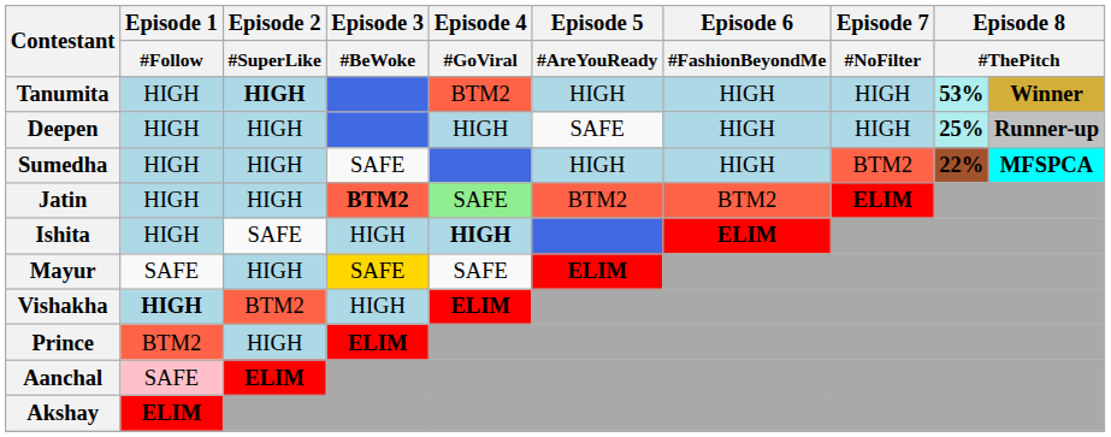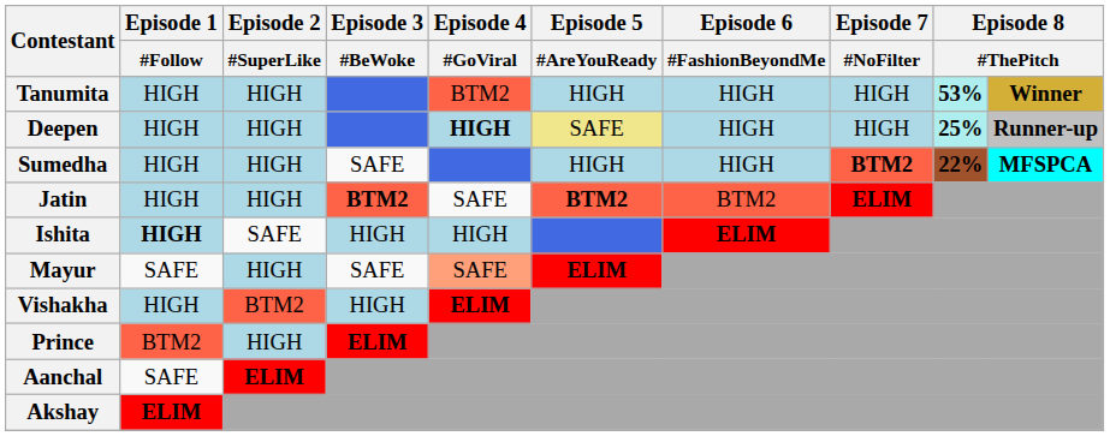 <table class="wikitable" style="text-align:center; font-size:100%;">
 <tr>
 <th rowspan="2">Contestant</th>
 <th>Episode 1</th>
 <th>Episode 2</th>
 <th>Episode 3</th>
 <th>Episode 4</th>
 <th>Episode 5</th>
 <th>Episode 6</th>
 <th>Episode 7</th>
 <th colspan="2">Episode 8</th>
 </tr>
 <tr>
 <th><small>#Follow</small></th>
 <th><small>#SuperLike</small></th>
 <th><small>#BeWoke</small></th>
 <th><small>#GoViral</small></th>
 <th><small>#AreYouReady</small></th>
 <th><small>#FashionBeyondMe</small></th>
 <th><small>#NoFilter</small></th>
 <th colspan="2"><small>#ThePitch</small></th>
 </tr>
 <tr>
 <th>Tanumita</th>
 <td bgcolor="lightblue">HIGH</td>
-<td bgcolor="lightblue"><strong>HIGH</strong></td>
+<td bgcolor="lightblue">HIGH</td>
 <td bgcolor="royalblue"></td>
 <td bgcolor="tomato">BTM2</td>
 <td bgcolor="lightblue">HIGH</td>
 <td bgcolor="lightblue">HIGH</td>
 <td bgcolor="lightblue">HIGH</td>
 <td style="background: paleturquoise;"><strong>53%</strong></td>
 <td bgcolor="#D4AF37"><strong>Winner</strong></td>
 </tr>
 <tr>
 <th>Deepen</th>
 <td bgcolor="lightblue">HIGH</td>
 <td bgcolor="lightblue">HIGH</td>
 <td bgcolor="royalblue"></td>
-<td bgcolor="lightblue">HIGH</td>
-<td>SAFE</td>
+<td bgcolor="lightblue"><strong>HIGH</strong></td>
+<td style="background: khaki;">SAFE</td>
 <td bgcolor="lightblue">HIGH</td>
 <td bgcolor="lightblue">HIGH</td>
 <td style="background: paleturquoise;"><strong>25%</strong></td>
 <td bgcolor="silver"><strong>Runner-up</strong></td>
 </tr>
 <tr>
 <th>Sumedha</th>
 <td bgcolor="lightblue">HIGH</td>
 <td bgcolor="lightblue">HIGH</td>
 <td>SAFE</td>
 <td bgcolor="royalblue"></td>
 <td bgcolor="lightblue">HIGH</td>
 <td bgcolor="lightblue">HIGH</td>
-<td bgcolor="tomato">BTM2</td>
+<td bgcolor="tomato"><strong>BTM2</strong></td>
 <td bgcolor="sienna"><strong>22%</strong></td>
 <td bgcolor="aqua"><strong>MFSPCA</strong></td>
 </tr>
 <tr>
 <th>Jatin</th>
 <td bgcolor="lightblue">HIGH</td>
 <td bgcolor="lightblue">HIGH</td>
 <td bgcolor="tomato"><strong>BTM2</strong></td>
-<td style="background: lightgreen;">SAFE</td>
-<td bgcolor="tomato">BTM2</td>
+<td>SAFE</td>
+<td bgcolor="tomato"><strong>BTM2</strong></td>
 <td bgcolor="tomato">BTM2</td>
 <td bgcolor="red"><strong>ELIM</strong></td>
 <td colspan="2" bgcolor="darkgray"></td>
 </tr>
 <tr>
 <th>Ishita</th>
-<td bgcolor="lightblue">HIGH</td>
+<td bgcolor="lightblue"><strong>HIGH</strong></td>
 <td>SAFE</td>
 <td bgcolor="lightblue">HIGH</td>
-<td bgcolor="lightblue"><strong>HIGH</strong></td>
+<td bgcolor="lightblue">HIGH</td>
 <td bgcolor="royalblue"></td>
 <td bgcolor="red"><strong>ELIM</strong></td>
 <td colspan="3" bgcolor="darkgray"></td>
 </tr>
 <tr>
 <th>Mayur</th>
 <td>SAFE</td>
 <td bgcolor="lightblue">HIGH</td>
-<td style="background: gold;">SAFE</td>
 <td>SAFE</td>
+<td style="background: lightsalmon;">SAFE</td>
 <td bgcolor="red"><strong>ELIM</strong></td>
 <td colspan="4" bgcolor="darkgray"></td>
 </tr>
 <tr>
 <th>Vishakha</th>
-<td bgcolor="lightblue"><strong>HIGH</strong></td>
+<td bgcolor="lightblue">HIGH</td>
 <td bgcolor="tomato">BTM2</td>
 <td bgcolor="lightblue">HIGH</td>
 <td bgcolor="red"><strong>ELIM</strong></td>
 <td colspan="5" bgcolor="darkgray"></td>
 </tr>
 <tr>
 <th>Prince</th>
 <td bgcolor="tomato">BTM2</td>
 <td bgcolor="lightblue">HIGH</td>
 <td bgcolor="red"><strong>ELIM</strong></td>
 <td colspan="6" bgcolor="darkgray"></td>
 </tr>
 <tr>
 <th>Aanchal</th>
-<td style="background: pink;">SAFE</td>
+<td>SAFE</td>
 <td bgcolor="red"><strong>ELIM</strong></td>
 <td colspan="7" bgcolor="darkgray"></td>
 </tr>
 <tr>
 <th>Akshay</th>
 <td bgcolor="red"><strong>ELIM</strong></td>
 <td colspan="8" bgcolor="darkgray"></td>
 </tr>
 <tr>
 </tr>
 </table>
